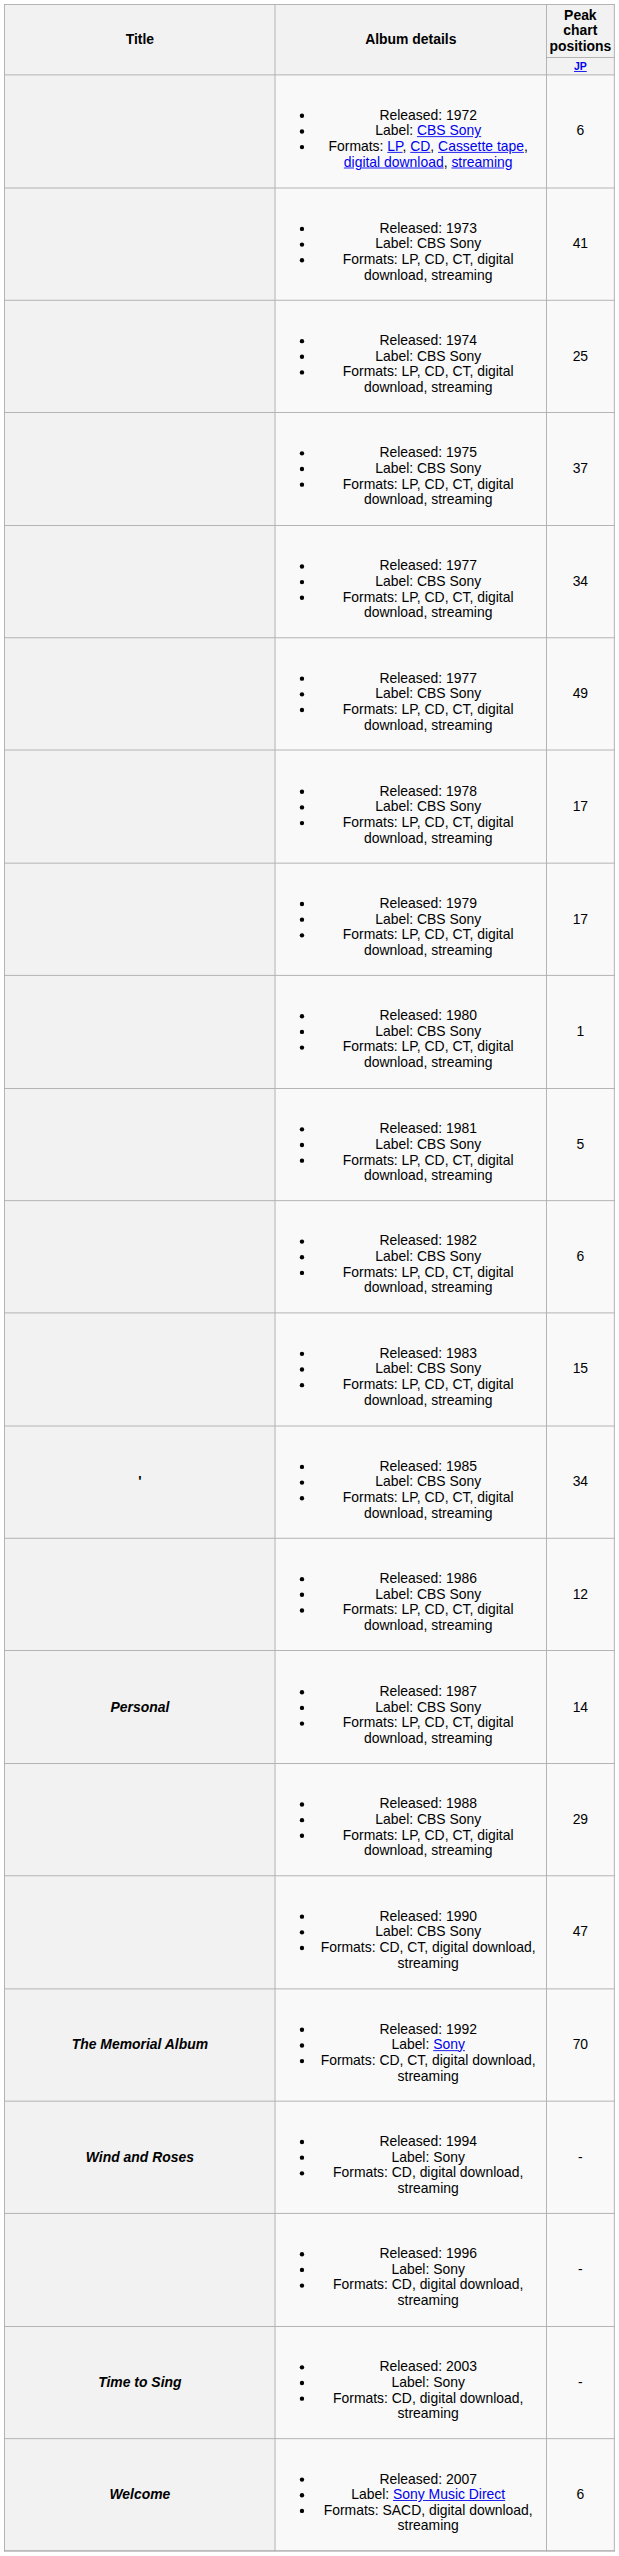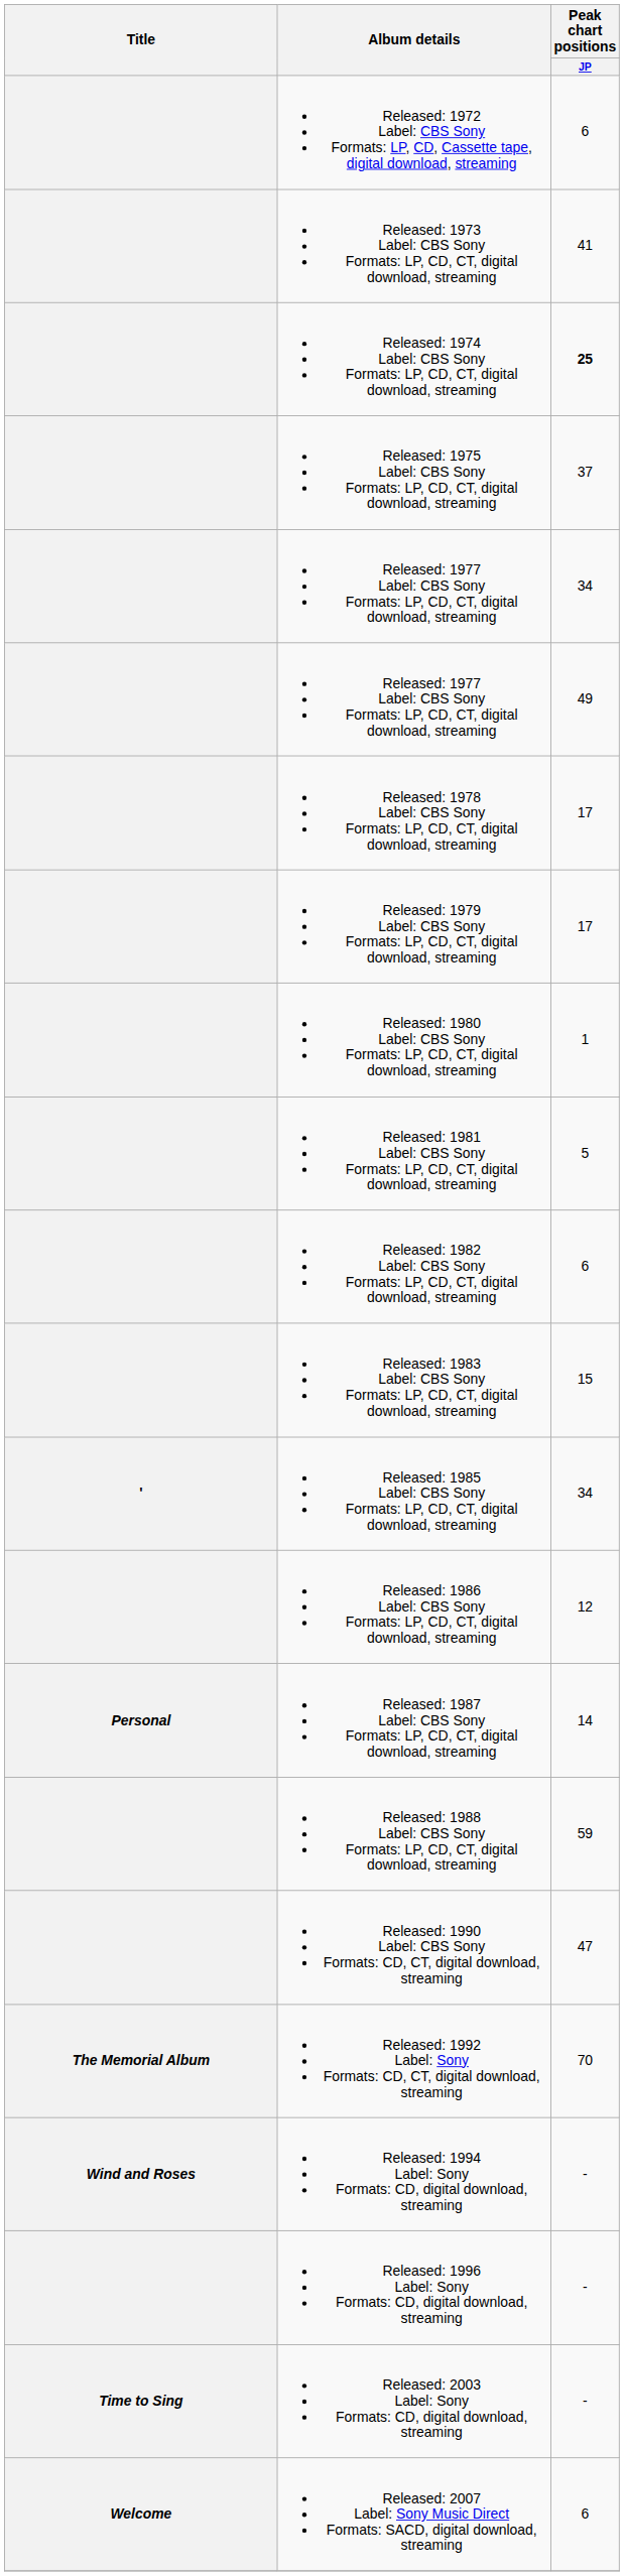 <table class="wikitable plainrowheaders" style="text-align:center;">
 <tr>
 <th scope="col" rowspan="2" style="width:19em;">Title</th>
 <th scope="col" rowspan="2" style="width:19em;">Album details</th>
 <th scope="col">Peak chart positions</th>
 </tr>
 <tr>
 <th style="width:2em;font-size:75%"><a href='#'>JP</a><br></th>
 </tr>
 <tr>
 <th scope="row"></th>
 <td><br><ul><li>Released: 1972</li><li>Label: <a href='#'>CBS Sony</a></li><li>Formats: <a href='#'>LP</a>, <a href='#'>CD</a>, <a href='#'>Cassette tape</a>, <a href='#'>digital download</a>, <a href='#'>streaming</a></li></ul></td>
 <td>6</td>
 </tr>
 <tr>
 <th scope="row"></th>
 <td><br><ul><li>Released: 1973</li><li>Label: CBS Sony</li><li>Formats: LP, CD, CT, digital download, streaming</li></ul></td>
 <td>41</td>
 </tr>
 <tr>
 <th scope="row"></th>
 <td><br><ul><li>Released: 1974</li><li>Label: CBS Sony</li><li>Formats: LP, CD, CT, digital download, streaming</li></ul></td>
-<td>25</td>
+<td><strong>25</strong></td>
 </tr>
 <tr>
 <th scope="row"></th>
 <td><br><ul><li>Released: 1975</li><li>Label: CBS Sony</li><li>Formats: LP, CD, CT, digital download, streaming</li></ul></td>
 <td>37</td>
 </tr>
 <tr>
 <th scope="row"></th>
 <td><br><ul><li>Released: 1977</li><li>Label: CBS Sony</li><li>Formats: LP, CD, CT, digital download, streaming</li></ul></td>
 <td>34</td>
 </tr>
 <tr>
 <th scope="row"></th>
 <td><br><ul><li>Released: 1977</li><li>Label: CBS Sony</li><li>Formats: LP, CD, CT, digital download, streaming</li></ul></td>
 <td>49</td>
 </tr>
 <tr>
 <th scope="row"></th>
 <td><br><ul><li>Released: 1978</li><li>Label: CBS Sony</li><li>Formats: LP, CD, CT, digital download, streaming</li></ul></td>
 <td>17</td>
 </tr>
 <tr>
 <th scope="row"></th>
 <td><br><ul><li>Released: 1979</li><li>Label: CBS Sony</li><li>Formats: LP, CD, CT, digital download, streaming</li></ul></td>
 <td>17</td>
 </tr>
 <tr>
 <th scope="row"></th>
 <td><br><ul><li>Released: 1980</li><li>Label: CBS Sony</li><li>Formats: LP, CD, CT, digital download, streaming</li></ul></td>
 <td>1</td>
 </tr>
 <tr>
 <th scope="row"></th>
 <td><br><ul><li>Released: 1981</li><li>Label: CBS Sony</li><li>Formats: LP, CD, CT, digital download, streaming</li></ul></td>
 <td>5</td>
 </tr>
 <tr>
 <th scope="row"></th>
 <td><br><ul><li>Released: 1982</li><li>Label: CBS Sony</li><li>Formats: LP, CD, CT, digital download, streaming</li></ul></td>
 <td>6</td>
 </tr>
 <tr>
 <th scope="row"></th>
 <td><br><ul><li>Released: 1983</li><li>Label: CBS Sony</li><li>Formats: LP, CD, CT, digital download, streaming</li></ul></td>
 <td>15</td>
 </tr>
 <tr>
 <th scope="row">'</th>
 <td><br><ul><li>Released: 1985</li><li>Label: CBS Sony</li><li>Formats: LP, CD, CT, digital download, streaming</li></ul></td>
 <td>34</td>
 </tr>
 <tr>
 <th scope="row"></th>
 <td><br><ul><li>Released: 1986</li><li>Label: CBS Sony</li><li>Formats: LP, CD, CT, digital download, streaming</li></ul></td>
 <td>12</td>
 </tr>
 <tr>
 <th scope="row"><em>Personal</em></th>
 <td><br><ul><li>Released: 1987</li><li>Label: CBS Sony</li><li>Formats: LP, CD, CT, digital download, streaming</li></ul></td>
 <td>14</td>
 </tr>
 <tr>
 <th scope="row"></th>
 <td><br><ul><li>Released: 1988</li><li>Label: CBS Sony</li><li>Formats: LP, CD, CT, digital download, streaming</li></ul></td>
-<td>29</td>
+<td>59</td>
 </tr>
 <tr>
 <th scope="row"></th>
 <td><br><ul><li>Released: 1990</li><li>Label: CBS Sony</li><li>Formats: CD, CT, digital download, streaming</li></ul></td>
 <td>47</td>
 </tr>
 <tr>
 <th scope="row"><em>The Memorial Album</em></th>
 <td><br><ul><li>Released: 1992</li><li>Label: <a href='#'>Sony</a></li><li>Formats: CD, CT, digital download, streaming</li></ul></td>
 <td>70</td>
 </tr>
 <tr>
 <th scope="row"><em>Wind and Roses</em></th>
 <td><br><ul><li>Released: 1994</li><li>Label: Sony</li><li>Formats: CD, digital download, streaming</li></ul></td>
 <td>-</td>
 </tr>
 <tr>
 <th scope="row"></th>
 <td><br><ul><li>Released: 1996</li><li>Label: Sony</li><li>Formats: CD, digital download, streaming</li></ul></td>
 <td>-</td>
 </tr>
 <tr>
 <th scope="row"><em>Time to Sing</em></th>
 <td><br><ul><li>Released: 2003</li><li>Label: Sony</li><li>Formats: CD, digital download, streaming</li></ul></td>
 <td>-</td>
 </tr>
 <tr>
 <th scope="row"><em>Welcome</em></th>
 <td><br><ul><li>Released: 2007</li><li>Label: <a href='#'>Sony Music Direct</a></li><li>Formats: SACD, digital download, streaming</li></ul></td>
 <td>6</td>
 </tr>
 <tr>
 </tr>
 </table>
